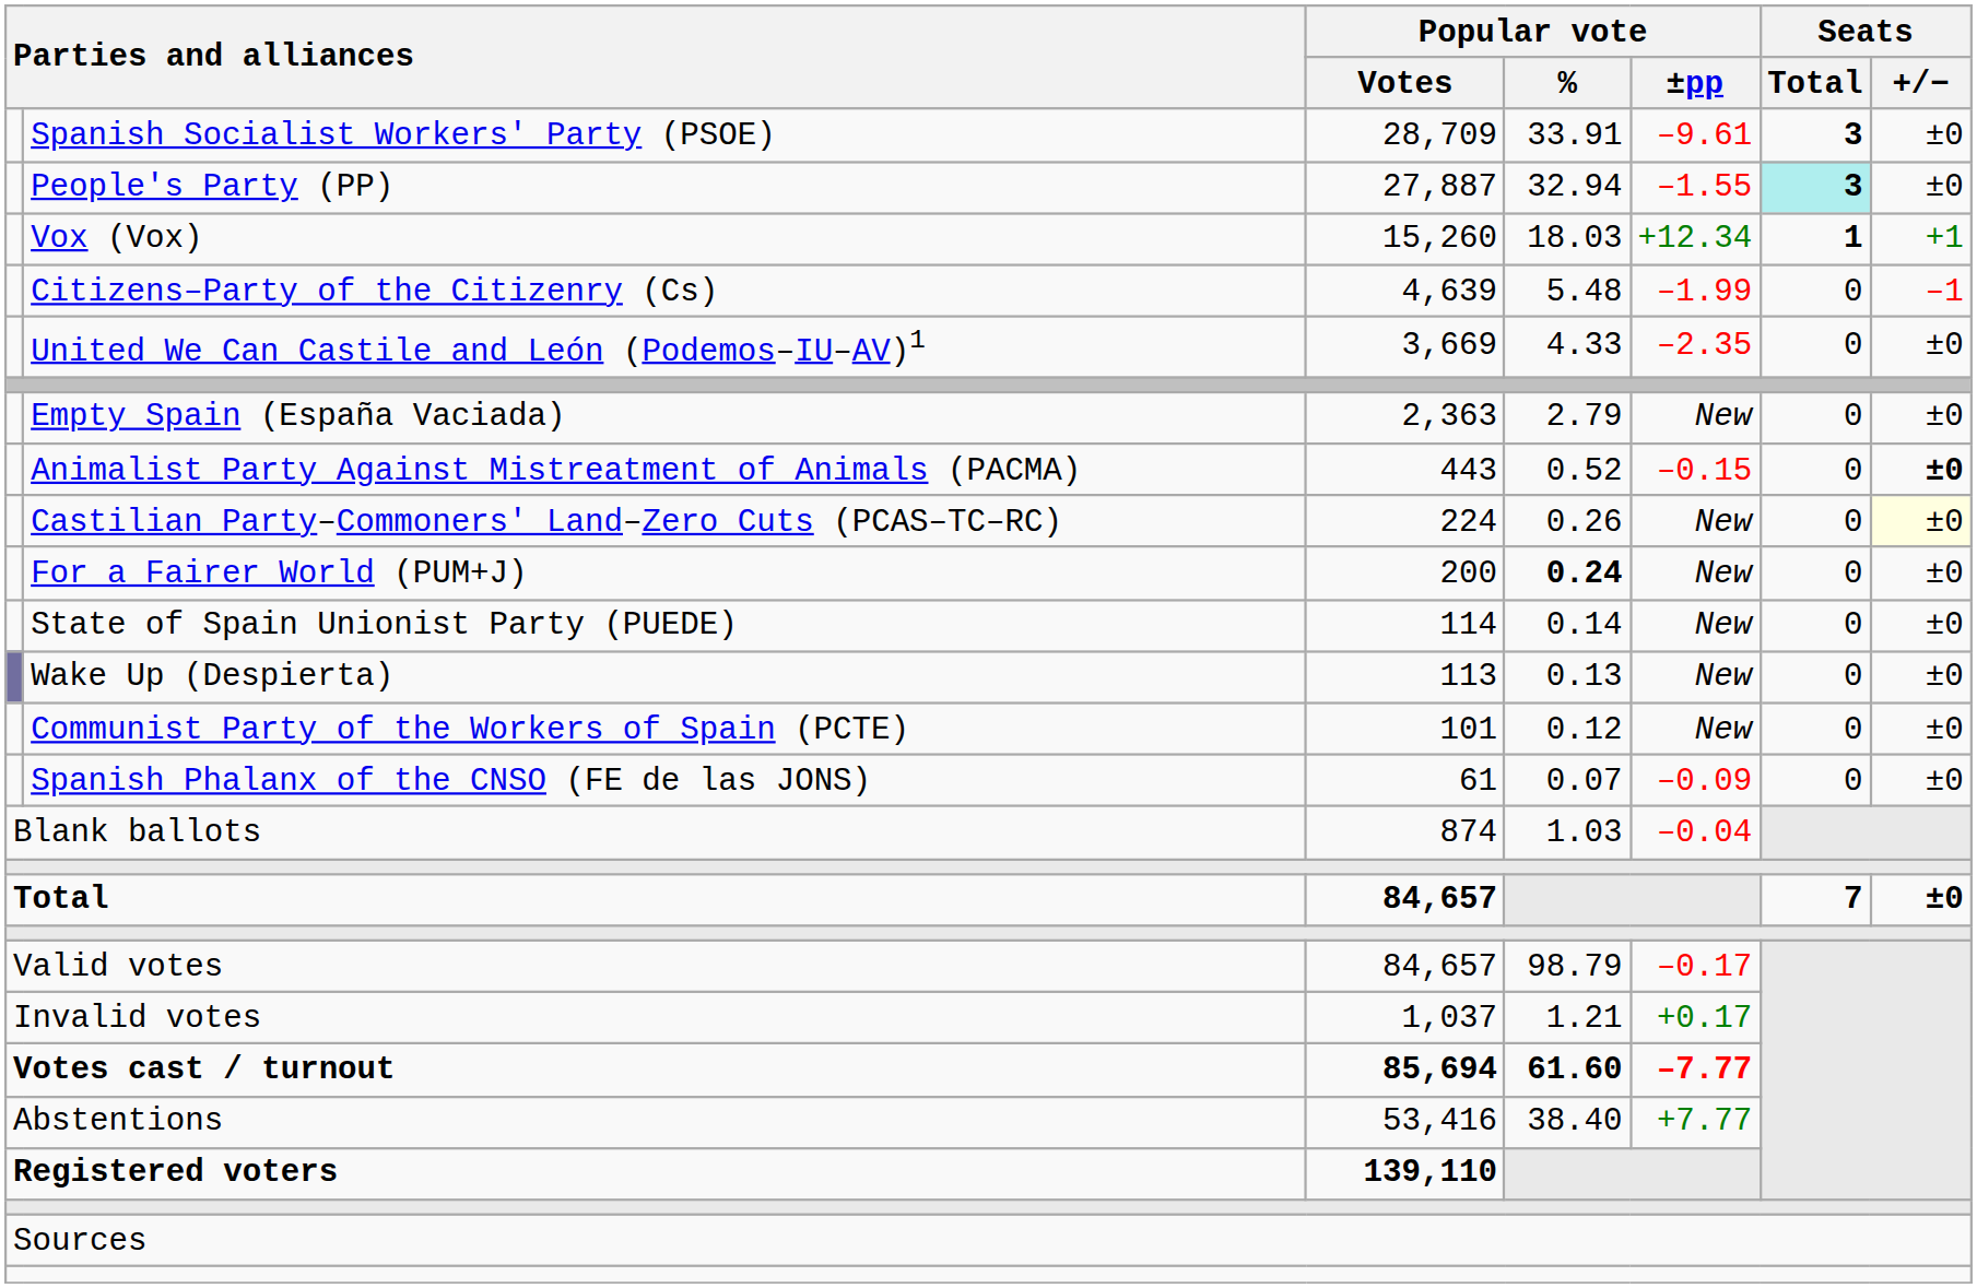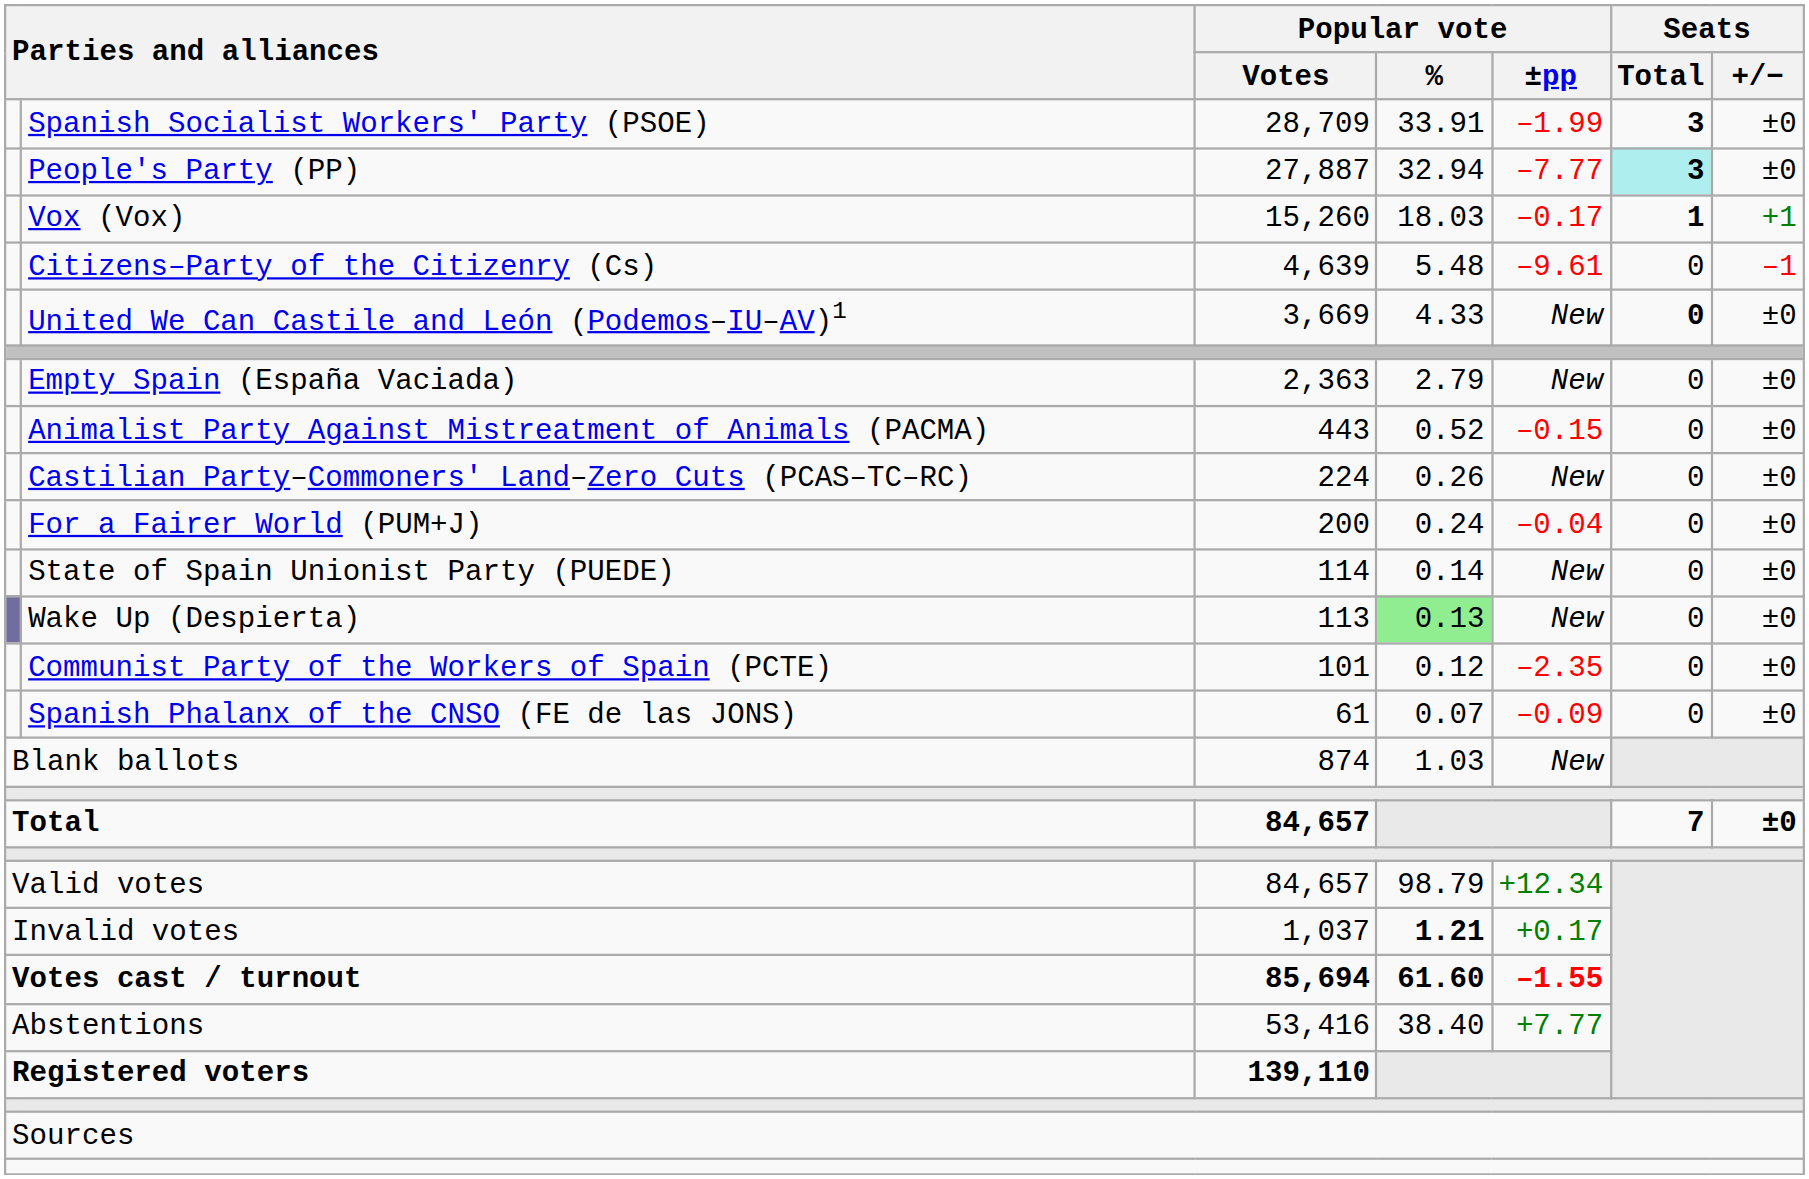 <table class="wikitable" style="text-align:right;">
 <tr>
 <th style="text-align:left;" rowspan="2" colspan="2" width="525">Parties and alliances</th>
 <th colspan="3">Popular vote</th>
 <th colspan="2">Seats</th>
 </tr>
 <tr>
 <th width="75">Votes</th>
 <th width="45">%</th>
 <th width="45">±<a href='#'>pp</a></th>
 <th width="35">Total</th>
 <th width="35">+/−</th>
 </tr>
 <tr>
 <td width="1" style="color:inherit;background:"></td>
 <td align="left"><a href='#'>Spanish Socialist Workers' Party</a> (PSOE)</td>
 <td>28,709</td>
 <td>33.91</td>
-<td style="color:red;">–9.61</td>
+<td style="color:red;">–1.99</td>
 <td><strong>3</strong></td>
 <td>±0</td>
 </tr>
 <tr>
 <td style="color:inherit;background:"></td>
 <td align="left"><a href='#'>People's Party</a> (PP)</td>
 <td>27,887</td>
 <td>32.94</td>
-<td style="color:red;">–1.55</td>
+<td style="color:red;">–7.77</td>
 <td style="background: paleturquoise;"><strong>3</strong></td>
 <td>±0</td>
 </tr>
 <tr>
 <td style="color:inherit;background:"></td>
 <td align="left"><a href='#'>Vox</a> (Vox)</td>
 <td>15,260</td>
 <td>18.03</td>
-<td style="color:green;">+12.34</td>
+<td style="color:red;">–0.17</td>
 <td><strong>1</strong></td>
 <td style="color:green;">+1</td>
 </tr>
 <tr>
 <td style="color:inherit;background:"></td>
 <td align="left"><a href='#'>Citizens–Party of the Citizenry</a> (Cs)</td>
 <td>4,639</td>
 <td>5.48</td>
-<td style="color:red;">–1.99</td>
+<td style="color:red;">–9.61</td>
 <td>0</td>
 <td style="color:red;">–1</td>
 </tr>
 <tr>
 <td style="color:inherit;background:"></td>
 <td align="left"><a href='#'>United We Can Castile and León</a> (<a href='#'>Podemos</a>–<a href='#'>IU</a>–<a href='#'>AV</a>)<sup>1</sup></td>
 <td>3,669</td>
 <td>4.33</td>
-<td style="color:red;">–2.35</td>
-<td>0</td>
+<td><em>New</em></td>
+<td><strong>0</strong></td>
 <td>±0</td>
 </tr>
 <tr>
 <td colspan="7" bgcolor="#C0C0C0"></td>
 </tr>
 <tr>
 <td style="color:inherit;background:"></td>
 <td align="left"><a href='#'>Empty Spain</a> (España Vaciada)</td>
 <td>2,363</td>
 <td>2.79</td>
 <td><em>New</em></td>
 <td>0</td>
 <td>±0</td>
 </tr>
 <tr>
 <td style="color:inherit;background:"></td>
 <td align="left"><a href='#'>Animalist Party Against Mistreatment of Animals</a> (PACMA)</td>
 <td>443</td>
 <td>0.52</td>
 <td style="color:red;">–0.15</td>
 <td>0</td>
-<td><strong>±0</strong></td>
+<td>±0</td>
 </tr>
 <tr>
 <td style="color:inherit;background:"></td>
 <td align="left"><a href='#'>Castilian Party</a>–<a href='#'>Commoners' Land</a>–<a href='#'>Zero Cuts</a> (PCAS–TC–RC)</td>
 <td>224</td>
 <td>0.26</td>
 <td><em>New</em></td>
 <td>0</td>
-<td style="background: lightyellow;">±0</td>
+<td>±0</td>
 </tr>
 <tr>
 <td style="color:inherit;background:"></td>
 <td align="left"><a href='#'>For a Fairer World</a> (PUM+J)</td>
 <td>200</td>
-<td><strong>0.24</strong></td>
-<td><em>New</em></td>
+<td>0.24</td>
+<td style="color:red;">–0.04</td>
 <td>0</td>
 <td>±0</td>
 </tr>
 <tr>
 <td style="color:inherit;background:"></td>
 <td align="left">State of Spain Unionist Party (PUEDE)</td>
 <td>114</td>
 <td>0.14</td>
 <td><em>New</em></td>
 <td>0</td>
 <td>±0</td>
 </tr>
 <tr>
 <td bgcolor="#716E9F"></td>
 <td align="left">Wake Up (Despierta)</td>
 <td>113</td>
-<td>0.13</td>
+<td style="background: lightgreen;">0.13</td>
 <td><em>New</em></td>
 <td>0</td>
 <td>±0</td>
 </tr>
 <tr>
 <td style="color:inherit;background:"></td>
 <td align="left"><a href='#'>Communist Party of the Workers of Spain</a> (PCTE)</td>
 <td>101</td>
 <td>0.12</td>
-<td><em>New</em></td>
+<td style="color:red;">–2.35</td>
 <td>0</td>
 <td>±0</td>
 </tr>
 <tr>
 <td style="color:inherit;background:"></td>
 <td align="left"><a href='#'>Spanish Phalanx of the CNSO</a> (FE de las JONS)</td>
 <td>61</td>
 <td>0.07</td>
 <td style="color:red;">–0.09</td>
 <td>0</td>
 <td>±0</td>
 </tr>
 <tr>
 <td align="left" colspan="2">Blank ballots</td>
 <td>874</td>
 <td>1.03</td>
-<td style="color:red;">–0.04</td>
+<td><em>New</em></td>
 <td bgcolor="#E9E9E9" colspan="2"></td>
 </tr>
 <tr>
 <td colspan="7" bgcolor="#E9E9E9"></td>
 </tr>
 <tr style="font-weight:bold;">
 <td align="left" colspan="2">Total</td>
 <td>84,657</td>
 <td bgcolor="#E9E9E9" colspan="2"></td>
 <td>7</td>
 <td>±0</td>
 </tr>
 <tr>
 <td colspan="7" bgcolor="#E9E9E9"></td>
 </tr>
 <tr>
 <td align="left" colspan="2">Valid votes</td>
 <td>84,657</td>
 <td>98.79</td>
-<td style="color:red;">–0.17</td>
+<td style="color:green;">+12.34</td>
 <td bgcolor="#E9E9E9" colspan="2" rowspan="5"></td>
 </tr>
 <tr>
 <td align="left" colspan="2">Invalid votes</td>
 <td>1,037</td>
-<td>1.21</td>
+<td><strong>1.21</strong></td>
 <td style="color:green;">+0.17</td>
 </tr>
 <tr style="font-weight:bold;">
 <td align="left" colspan="2">Votes cast / turnout</td>
 <td>85,694</td>
 <td>61.60</td>
-<td style="color:red;">–7.77</td>
+<td style="color:red;">–1.55</td>
 </tr>
 <tr>
 <td align="left" colspan="2">Abstentions</td>
 <td>53,416</td>
 <td>38.40</td>
 <td style="color:green;">+7.77</td>
 </tr>
 <tr style="font-weight:bold;">
 <td align="left" colspan="2">Registered voters</td>
 <td>139,110</td>
 <td bgcolor="#E9E9E9" colspan="2"></td>
 </tr>
 <tr>
 <td colspan="7" bgcolor="#E9E9E9"></td>
 </tr>
 <tr>
 <td align="left" colspan="7">Sources</td>
 </tr>
 <tr>
 <td colspan="7" style="text-align:left; max-width:790px;"></td>
 </tr>
 </table>
